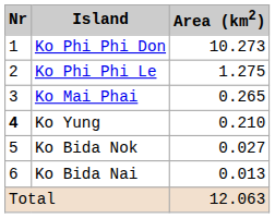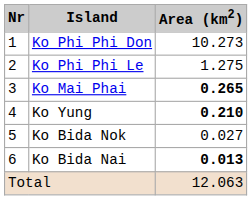 <table class="wikitable sortable">
 <tr>
 <th style="background: #CCC;">Nr</th>
 <th style="background: #CCC;" class="unsortable">Island</th>
 <th style="background: #CCC;">Area (km<sup>2</sup>)</th>
 </tr>
 <tr style="background:#FFFFFF;">
 <td>1</td>
 <td><a href='#'>Ko Phi Phi Don</a></td>
 <td align="right">10.273</td>
 </tr>
 <tr style="background:#FFFFFF;">
 <td>2</td>
 <td><a href='#'>Ko Phi Phi Le</a></td>
 <td align="right">1.275</td>
 </tr>
 <tr style="background:#FFFFFF;">
 <td>3</td>
 <td><a href='#'>Ko Mai Phai</a></td>
-<td align="right">0.265</td>
+<td align="right"><strong>0.265</strong></td>
 </tr>
 <tr style="background:#FFFFFF;">
-<td><strong>4</strong></td>
+<td>4</td>
 <td>Ko Yung</td>
-<td align="right">0.210</td>
+<td align="right"><strong>0.210</strong></td>
 </tr>
 <tr style="background:#FFFFFF;">
 <td>5</td>
 <td>Ko Bida Nok</td>
 <td align="right">0.027</td>
 </tr>
 <tr style="background:#FFFFFF;">
 <td>6</td>
 <td>Ko Bida Nai</td>
-<td align="right">0.013</td>
+<td align="right"><strong>0.013</strong></td>
 </tr>
 <tr style="background:#F2E0CE;" | class="sortbottom">
 <td colspan=2>Total</td>
 <td align="right">12.063</td>
 </tr>
 </table>
